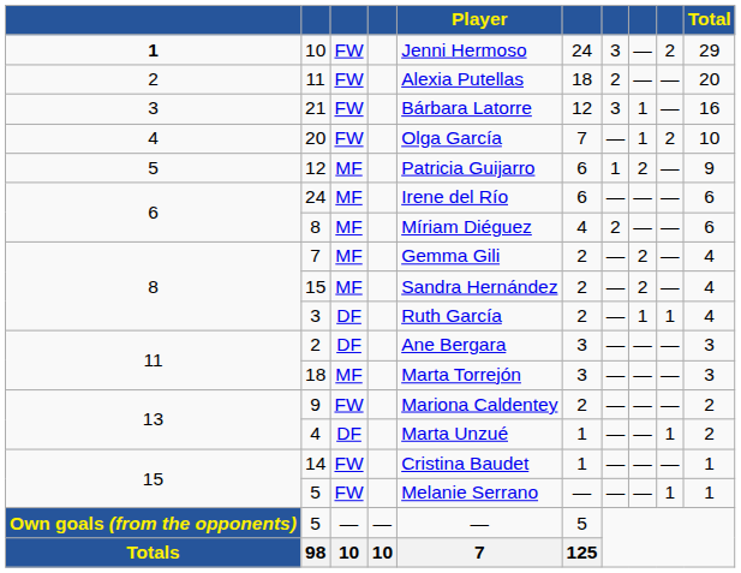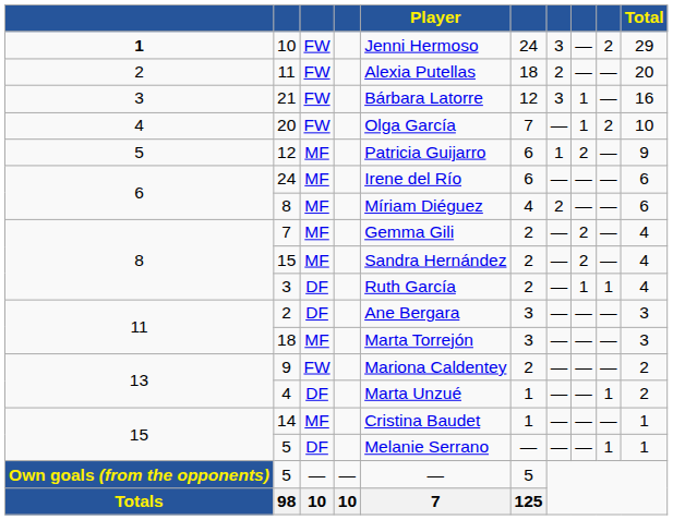 <table class="wikitable" style="text-align:center;">
 <tr>
 <th style="background:#26559B; color:#FFF000; "></th>
 <th style="background:#26559B; color:#FFF000; "></th>
 <th style="background:#26559B; color:#FFF000; "></th>
 <th style="background:#26559B; color:#FFF000; "></th>
 <th style="background:#26559B; color:#FFF000; ">Player</th>
 <th style="background:#26559B; color:#FFF000; "></th>
 <th style="background:#26559B; color:#FFF000; "></th>
 <th style="background:#26559B; color:#FFF000; "></th>
 <th style="background:#26559B; color:#FFF000; "></th>
 <th style="background:#26559B; color:#FFF000; ">Total</th>
 </tr>
 <tr>
 <td><strong>1</strong></td>
 <td>10</td>
 <td><a href='#'>FW</a></td>
 <td></td>
 <td align="left"><a href='#'>Jenni Hermoso</a></td>
 <td>24</td>
 <td>3</td>
 <td>—</td>
 <td>2</td>
 <td>29</td>
 </tr>
 <tr>
 <td>2</td>
 <td>11</td>
 <td><a href='#'>FW</a></td>
 <td></td>
 <td align="left"><a href='#'>Alexia Putellas</a></td>
 <td>18</td>
 <td>2</td>
 <td>—</td>
 <td>—</td>
 <td>20</td>
 </tr>
 <tr>
 <td>3</td>
 <td>21</td>
 <td><a href='#'>FW</a></td>
 <td></td>
 <td align="left"><a href='#'>Bárbara Latorre</a></td>
 <td>12</td>
 <td>3</td>
 <td>1</td>
 <td>—</td>
 <td>16</td>
 </tr>
 <tr>
 <td>4</td>
 <td>20</td>
 <td><a href='#'>FW</a></td>
 <td></td>
 <td align="left"><a href='#'>Olga García</a></td>
 <td>7</td>
 <td>—</td>
 <td>1</td>
 <td>2</td>
 <td>10</td>
 </tr>
 <tr>
 <td>5</td>
 <td>12</td>
 <td><a href='#'>MF</a></td>
 <td></td>
 <td align="left"><a href='#'>Patricia Guijarro</a></td>
 <td>6</td>
 <td>1</td>
 <td>2</td>
 <td>—</td>
 <td>9</td>
 </tr>
 <tr>
 <td rowspan="2">6</td>
 <td>24</td>
 <td><a href='#'>MF</a></td>
 <td></td>
 <td align="left"><a href='#'>Irene del Río</a></td>
 <td>6</td>
 <td>—</td>
 <td>—</td>
 <td>—</td>
 <td>6</td>
 </tr>
 <tr>
 <td>8</td>
 <td><a href='#'>MF</a></td>
 <td></td>
 <td align="left"><a href='#'>Míriam Diéguez</a></td>
 <td>4</td>
 <td>2</td>
 <td>—</td>
 <td>—</td>
 <td>6</td>
 </tr>
 <tr>
 <td rowspan="3">8</td>
 <td>7</td>
 <td><a href='#'>MF</a></td>
 <td></td>
 <td align="left"><a href='#'>Gemma Gili</a></td>
 <td>2</td>
 <td>—</td>
 <td>2</td>
 <td>—</td>
 <td>4</td>
 </tr>
 <tr>
 <td>15</td>
 <td><a href='#'>MF</a></td>
 <td></td>
 <td align="left"><a href='#'>Sandra Hernández</a></td>
 <td>2</td>
 <td>—</td>
 <td>2</td>
 <td>—</td>
 <td>4</td>
 </tr>
 <tr>
 <td>3</td>
 <td><a href='#'>DF</a></td>
 <td></td>
 <td align="left"><a href='#'>Ruth García</a></td>
 <td>2</td>
 <td>—</td>
 <td>1</td>
 <td>1</td>
 <td>4</td>
 </tr>
 <tr>
 <td rowspan="2">11</td>
 <td>2</td>
 <td><a href='#'>DF</a></td>
 <td></td>
 <td align="left"><a href='#'>Ane Bergara</a></td>
 <td>3</td>
 <td>—</td>
 <td>—</td>
 <td>—</td>
 <td>3</td>
 </tr>
 <tr>
 <td>18</td>
 <td><a href='#'>MF</a></td>
 <td></td>
 <td align="left"><a href='#'>Marta Torrejón</a></td>
 <td>3</td>
 <td>—</td>
 <td>—</td>
 <td>—</td>
 <td>3</td>
 </tr>
 <tr>
 <td rowspan="2">13</td>
 <td>9</td>
 <td><a href='#'>FW</a></td>
 <td></td>
 <td align="left"><a href='#'>Mariona Caldentey</a></td>
 <td>2</td>
 <td>—</td>
 <td>—</td>
 <td>—</td>
 <td>2</td>
 </tr>
 <tr>
 <td>4</td>
 <td><a href='#'>DF</a></td>
 <td></td>
 <td align="left"><a href='#'>Marta Unzué</a></td>
 <td>1</td>
 <td>—</td>
 <td>—</td>
 <td>1</td>
 <td>2</td>
 </tr>
 <tr>
 <td rowspan="2">15</td>
 <td>14</td>
-<td><a href='#'>FW</a></td>
+<td><a href='#'>MF</a></td>
 <td></td>
 <td align="left"><a href='#'>Cristina Baudet</a></td>
 <td>1</td>
 <td>—</td>
 <td>—</td>
 <td>—</td>
 <td>1</td>
 </tr>
 <tr>
 <td>5</td>
-<td><a href='#'>FW</a></td>
+<td><a href='#'>DF</a></td>
 <td></td>
 <td align="left"><a href='#'>Melanie Serrano</a></td>
 <td>—</td>
 <td>—</td>
 <td>—</td>
 <td>1</td>
 <td>1</td>
 </tr>
 <tr>
 <td style="background:#26559B; color:#FFF000; "><strong>Own goals <em>(from the opponents)<strong><em></td>
 <td>5</td>
 <td>—</td>
 <td>—</td>
 <td>—</td>
 <td>5</td>
 </tr>
 <tr>
 <th style="background:#26559B; color:#FFF000; "></strong>Totals<strong></th>
 <th>98</th>
 <th>10</th>
 <th>10</th>
 <th>7</th>
 <th>125</th>
 </tr>
 </table>
